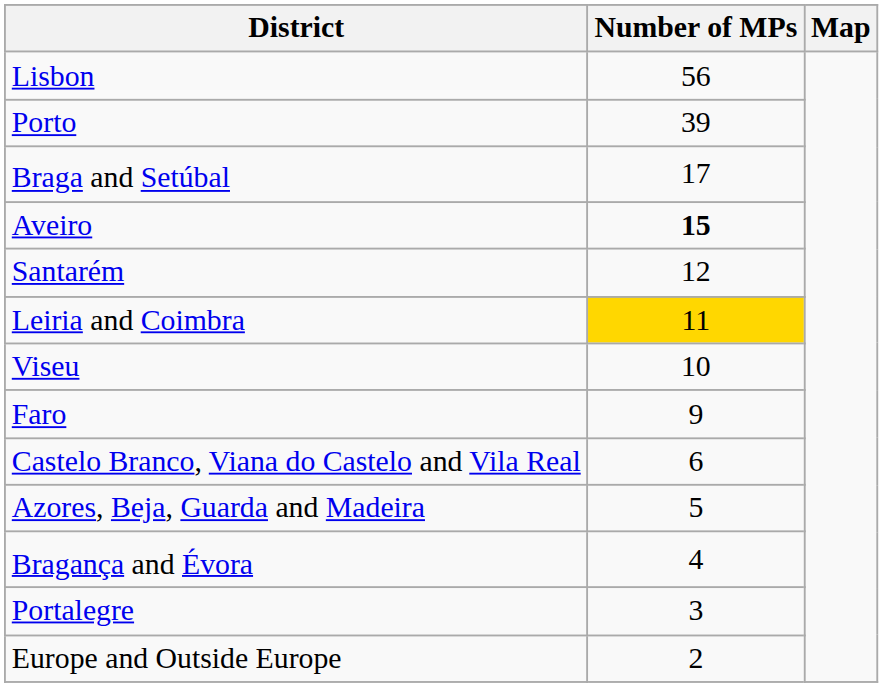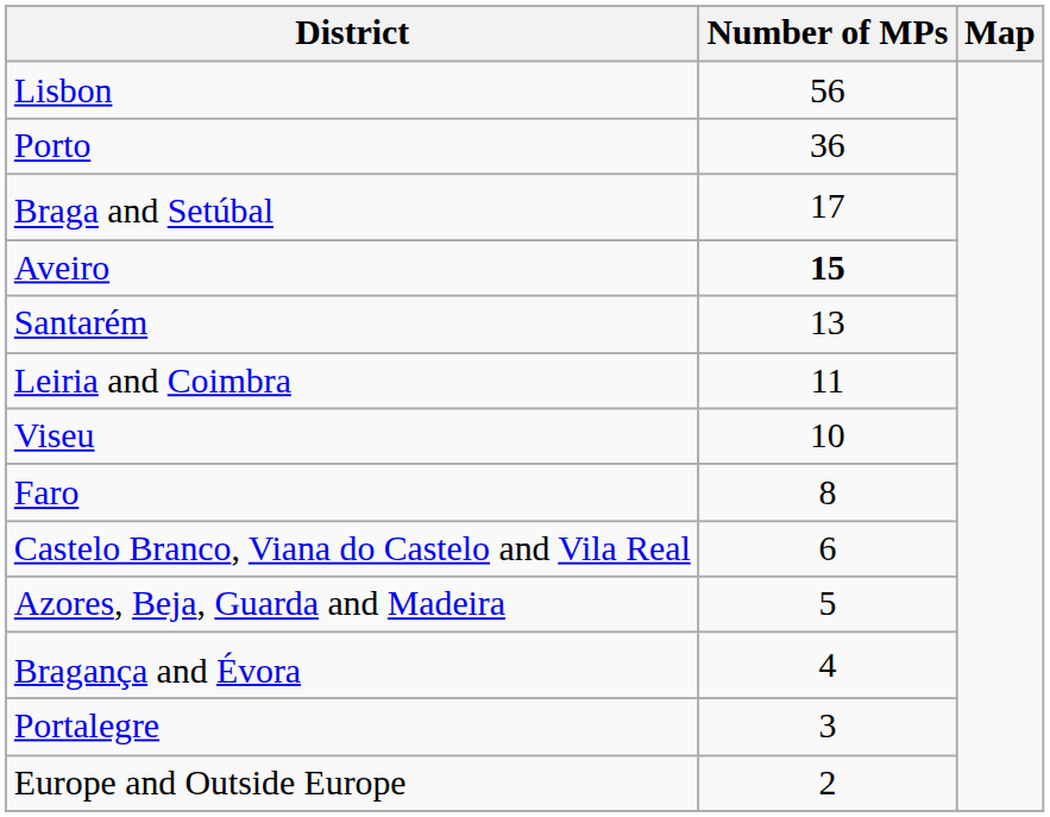 <table class="wikitable">
 <tr>
 <th>District</th>
 <th>Number of MPs</th>
 <th>Map</th>
 </tr>
 <tr>
 <td><a href='#'>Lisbon</a></td>
 <td style="text-align:center;">56</td>
 <td style="text-align:center;" rowspan="13"><br>                      </td>
 </tr>
 <tr>
 <td><a href='#'>Porto</a></td>
-<td style="text-align:center;">39</td>
+<td style="text-align:center;">36</td>
 </tr>
 <tr>
 <td><a href='#'>Braga</a><sup></sup> and <a href='#'>Setúbal</a></td>
 <td style="text-align:center;">17</td>
 </tr>
 <tr>
 <td><a href='#'>Aveiro</a></td>
 <td style="text-align:center;"><strong>15</strong></td>
 </tr>
 <tr>
 <td><a href='#'>Santarém</a></td>
-<td style="text-align:center;">12</td>
+<td style="text-align:center;">13</td>
 </tr>
 <tr>
 <td><a href='#'>Leiria</a> and <a href='#'>Coimbra</a></td>
-<td style="background: gold; text-align:center;">11</td>
+<td style="text-align:center;">11</td>
 </tr>
 <tr>
 <td><a href='#'>Viseu</a></td>
 <td style="text-align:center;">10</td>
 </tr>
 <tr>
 <td><a href='#'>Faro</a></td>
-<td style="text-align:center;">9</td>
+<td style="text-align:center;">8</td>
 </tr>
 <tr>
 <td><a href='#'>Castelo Branco</a>, <a href='#'>Viana do Castelo</a> and <a href='#'>Vila Real</a></td>
 <td style="text-align:center;">6</td>
 </tr>
 <tr>
 <td><a href='#'>Azores</a>, <a href='#'>Beja</a>, <a href='#'>Guarda</a> and <a href='#'>Madeira</a></td>
 <td style="text-align:center;">5</td>
 </tr>
 <tr>
 <td><a href='#'>Bragança</a> and <a href='#'>Évora</a><sup></sup></td>
 <td style="text-align:center;">4</td>
 </tr>
 <tr>
 <td><a href='#'>Portalegre</a></td>
 <td style="text-align:center;">3</td>
 </tr>
 <tr>
 <td>Europe and Outside Europe</td>
 <td style="text-align:center;">2</td>
 </tr>
 </table>
